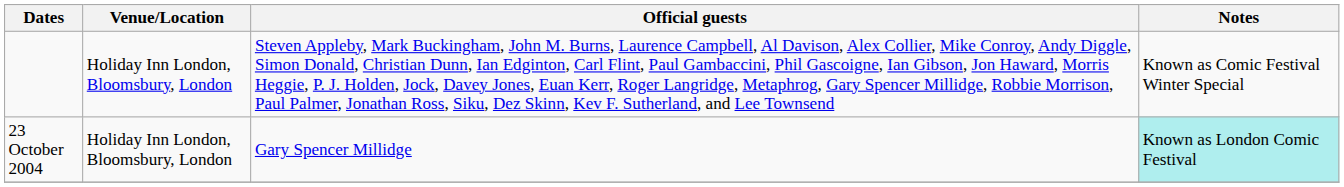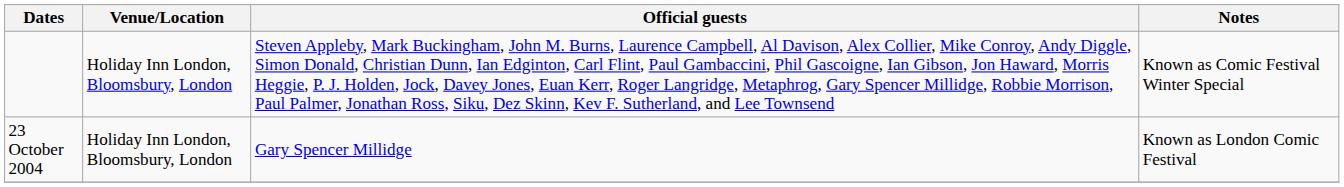 <table class="wikitable">
 <tr>
 <th>Dates</th>
 <th>Venue/Location</th>
 <th>Official guests</th>
 <th>Notes</th>
 </tr>
 <tr>
 <td></td>
 <td>Holiday Inn London, <a href='#'>Bloomsbury</a>, <a href='#'>London</a></td>
 <td><a href='#'>Steven Appleby</a>, <a href='#'>Mark Buckingham</a>, <a href='#'>John M. Burns</a>, <a href='#'>Laurence Campbell</a>, <a href='#'>Al Davison</a>, <a href='#'>Alex Collier</a>, <a href='#'>Mike Conroy</a>, <a href='#'>Andy Diggle</a>, <a href='#'>Simon Donald</a>, <a href='#'>Christian Dunn</a>, <a href='#'>Ian Edginton</a>, <a href='#'>Carl Flint</a>, <a href='#'>Paul Gambaccini</a>, <a href='#'>Phil Gascoigne</a>, <a href='#'>Ian Gibson</a>, <a href='#'>Jon Haward</a>, <a href='#'>Morris Heggie</a>, <a href='#'>P. J. Holden</a>, <a href='#'>Jock</a>, <a href='#'>Davey Jones</a>, <a href='#'>Euan Kerr</a>, <a href='#'>Roger Langridge</a>, <a href='#'>Metaphrog</a>, <a href='#'>Gary Spencer Millidge</a>, <a href='#'>Robbie Morrison</a>, <a href='#'>Paul Palmer</a>, <a href='#'>Jonathan Ross</a>, <a href='#'>Siku</a>, <a href='#'>Dez Skinn</a>, <a href='#'>Kev F. Sutherland</a>, and <a href='#'>Lee Townsend</a></td>
 <td width="15%" col>Known as Comic Festival Winter Special</td>
 </tr>
 <tr>
 <td>23 October 2004</td>
 <td>Holiday Inn London, Bloomsbury, London</td>
 <td><a href='#'>Gary Spencer Millidge</a></td>
-<td style="background: paleturquoise;">Known as London Comic Festival</td>
+<td>Known as London Comic Festival</td>
 </tr>
 <tr>
 </tr>
 </table>
